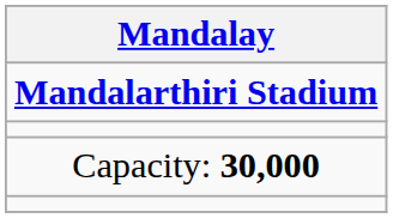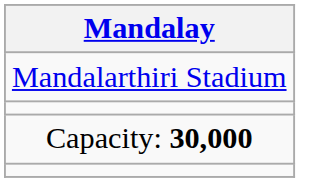 <table class="wikitable" style="text-align:center">
 <tr>
 <th colspan=1><a href='#'>Mandalay</a></th>
 </tr>
 <tr>
-<td><strong><a href='#'>Mandalarthiri Stadium</a></strong></td>
+<td><a href='#'>Mandalarthiri Stadium</a></td>
 </tr>
 <tr>
 <td></td>
 </tr>
 <tr>
 <td>Capacity: <strong>30,000</strong></td>
 </tr>
 <tr>
 <td></td>
 </tr>
 </table>
